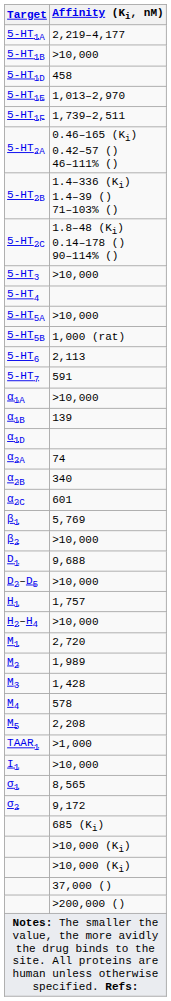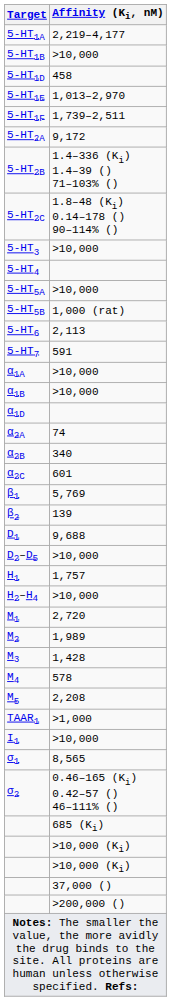 <table class="wikitable floatleft" style="font-size:small;">
 <tr>
 <th><a href='#'>Target</a></th>
 <th><a href='#'>Affinity</a> (K<sub>i</sub>, nM)</th>
 </tr>
 <tr>
 <td><a href='#'>5-HT<sub>1A</sub></a></td>
 <td>2,219–4,177</td>
 </tr>
 <tr>
 <td><a href='#'>5-HT<sub>1B</sub></a></td>
 <td>>10,000</td>
 </tr>
 <tr>
 <td><a href='#'>5-HT<sub>1D</sub></a></td>
 <td>458</td>
 </tr>
 <tr>
 <td><a href='#'>5-HT<sub>1E</sub></a></td>
 <td>1,013–2,970</td>
 </tr>
 <tr>
 <td><a href='#'>5-HT<sub>1F</sub></a></td>
 <td>1,739–2,511</td>
 </tr>
 <tr>
 <td><a href='#'>5-HT<sub>2A</sub></a></td>
-<td>0.46–165 (K<sub>i</sub>)<br>0.42–57 ()<br>46–111% ()</td>
+<td>9,172</td>
 </tr>
 <tr>
 <td><a href='#'>5-HT<sub>2B</sub></a></td>
 <td>1.4–336 (K<sub>i</sub>)<br>1.4–39 ()<br>71–103% ()</td>
 </tr>
 <tr>
 <td><a href='#'>5-HT<sub>2C</sub></a></td>
 <td>1.8–48 (K<sub>i</sub>)<br>0.14–178 ()<br>90–114% ()</td>
 </tr>
 <tr>
 <td><a href='#'>5-HT<sub>3</sub></a></td>
 <td>>10,000</td>
 </tr>
 <tr>
 <td><a href='#'>5-HT<sub>4</sub></a></td>
 <td></td>
 </tr>
 <tr>
 <td><a href='#'>5-HT<sub>5A</sub></a></td>
 <td>>10,000</td>
 </tr>
 <tr>
 <td><a href='#'>5-HT<sub>5B</sub></a></td>
 <td>1,000 (rat)</td>
 </tr>
 <tr>
 <td><a href='#'>5-HT<sub>6</sub></a></td>
 <td>2,113</td>
 </tr>
 <tr>
 <td><a href='#'>5-HT<sub>7</sub></a></td>
 <td>591</td>
 </tr>
 <tr>
 <td><a href='#'>α<sub>1A</sub></a></td>
 <td>>10,000</td>
 </tr>
 <tr>
 <td><a href='#'>α<sub>1B</sub></a></td>
-<td>139</td>
+<td>>10,000</td>
 </tr>
 <tr>
 <td><a href='#'>α<sub>1D</sub></a></td>
 <td></td>
 </tr>
 <tr>
 <td><a href='#'>α<sub>2A</sub></a></td>
 <td>74</td>
 </tr>
 <tr>
 <td><a href='#'>α<sub>2B</sub></a></td>
 <td>340</td>
 </tr>
 <tr>
 <td><a href='#'>α<sub>2C</sub></a></td>
 <td>601</td>
 </tr>
 <tr>
 <td><a href='#'>β<sub>1</sub></a></td>
 <td>5,769</td>
 </tr>
 <tr>
 <td><a href='#'>β<sub>2</sub></a></td>
-<td>>10,000</td>
+<td>139</td>
 </tr>
 <tr>
 <td><a href='#'>D<sub>1</sub></a></td>
 <td>9,688</td>
 </tr>
 <tr>
 <td><a href='#'>D<sub>2</sub></a>–<a href='#'>D<sub>5</sub></a></td>
 <td>>10,000</td>
 </tr>
 <tr>
 <td><a href='#'>H<sub>1</sub></a></td>
 <td>1,757</td>
 </tr>
 <tr>
 <td><a href='#'>H<sub>2</sub></a>–<a href='#'>H<sub>4</sub></a></td>
 <td>>10,000</td>
 </tr>
 <tr>
 <td><a href='#'>M<sub>1</sub></a></td>
 <td>2,720</td>
 </tr>
 <tr>
 <td><a href='#'>M<sub>2</sub></a></td>
 <td>1,989</td>
 </tr>
 <tr>
 <td><a href='#'>M<sub>3</sub></a></td>
 <td>1,428</td>
 </tr>
 <tr>
 <td><a href='#'>M<sub>4</sub></a></td>
 <td>578</td>
 </tr>
 <tr>
 <td><a href='#'>M<sub>5</sub></a></td>
 <td>2,208</td>
 </tr>
 <tr>
 <td><a href='#'>TAAR<sub>1</sub></a></td>
 <td>>1,000</td>
 </tr>
 <tr>
 <td><a href='#'>I<sub>1</sub></a></td>
 <td>>10,000</td>
 </tr>
 <tr>
 <td><a href='#'>σ<sub>1</sub></a></td>
 <td>8,565</td>
 </tr>
 <tr>
 <td><a href='#'>σ<sub>2</sub></a></td>
-<td>9,172</td>
+<td>0.46–165 (K<sub>i</sub>)<br>0.42–57 ()<br>46–111% ()</td>
 </tr>
 <tr>
 <td></td>
 <td>685 (K<sub>i</sub>)</td>
 </tr>
 <tr>
 <td></td>
 <td>>10,000 (K<sub>i</sub>)</td>
 </tr>
 <tr>
 <td></td>
 <td>>10,000 (K<sub>i</sub>)</td>
 </tr>
 <tr>
 <td></td>
 <td>37,000 ()</td>
 </tr>
 <tr>
 <td></td>
 <td>>200,000 ()</td>
 </tr>
 <tr class="sortbottom">
 <td colspan="2" style="width: 1px; background-color:#eaecf0; text-align: center;"><strong>Notes:</strong> The smaller the value, the more avidly the drug binds to the site. All proteins are human unless otherwise specified. <strong>Refs:</strong> </td>
 </tr>
 </table>
